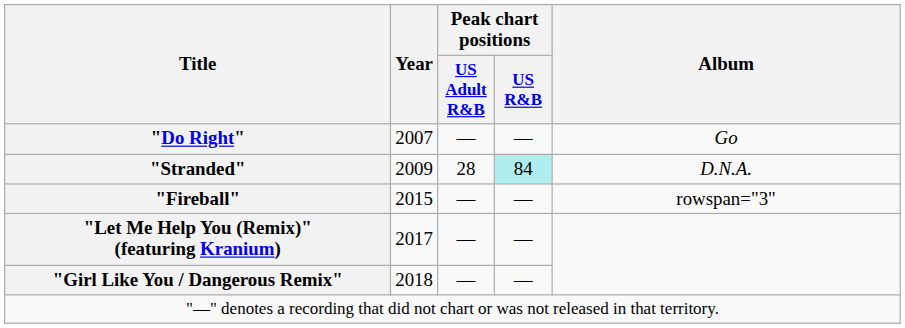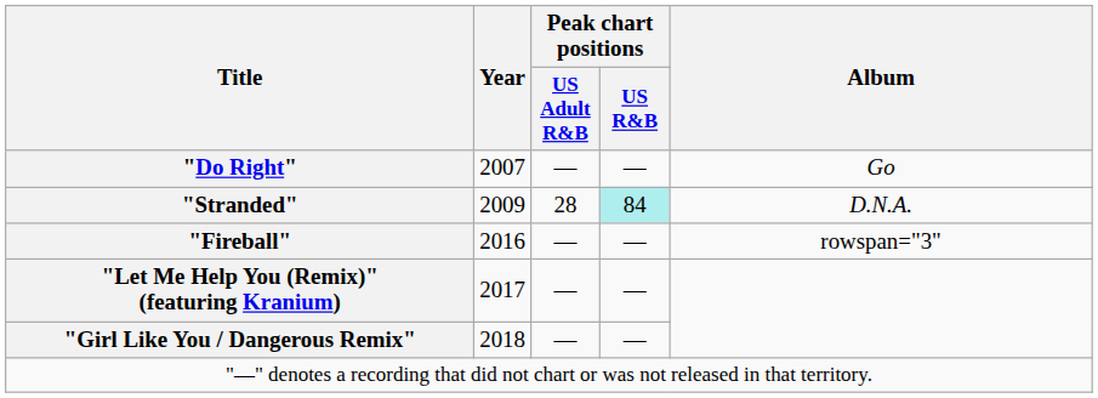 <table class="wikitable plainrowheaders" style="text-align:center;" border="1">
 <tr>
 <th scope="col" rowspan="2" style="width:20em;">Title</th>
 <th scope="col" rowspan="2">Year</th>
 <th scope="col" colspan="2">Peak chart positions</th>
 <th scope="col" rowspan="2" style="width:18em;">Album</th>
 </tr>
 <tr>
 <th scope="col"style="width:2.9em;font-size:90%;"><a href='#'>US Adult R&B</a><br></th>
 <th scope="col" style="width:2.9em;font-size:90%;"><a href='#'>US<br>R&B</a><br></th>
 </tr>
 <tr>
 <th scope="row">"<a href='#'>Do Right</a>"</th>
 <td>2007</td>
 <td>—</td>
 <td>—</td>
 <td><em>Go</em></td>
 </tr>
 <tr>
 <th scope="row">"Stranded"</th>
 <td>2009</td>
 <td>28</td>
 <td style="background: paleturquoise;">84</td>
 <td><em>D.N.A.</em></td>
 </tr>
 <tr>
 <th scope="row">"Fireball"</th>
-<td>2015</td>
+<td>2016</td>
 <td>—</td>
 <td>—</td>
 <td>rowspan="3" </td>
 </tr>
 <tr>
 <th scope="row">"Let Me Help You (Remix)"<br><span>(featuring <a href='#'>Kranium</a>)</span></th>
 <td>2017</td>
 <td>—</td>
 <td>—</td>
 </tr>
 <tr>
 <th scope="row">"Girl Like You / Dangerous Remix"</th>
 <td>2018</td>
 <td>—</td>
 <td>—</td>
 </tr>
 <tr>
 <td colspan="5" style="font-size:90%">"—" denotes a recording that did not chart or was not released in that territory.</td>
 </tr>
 </table>
